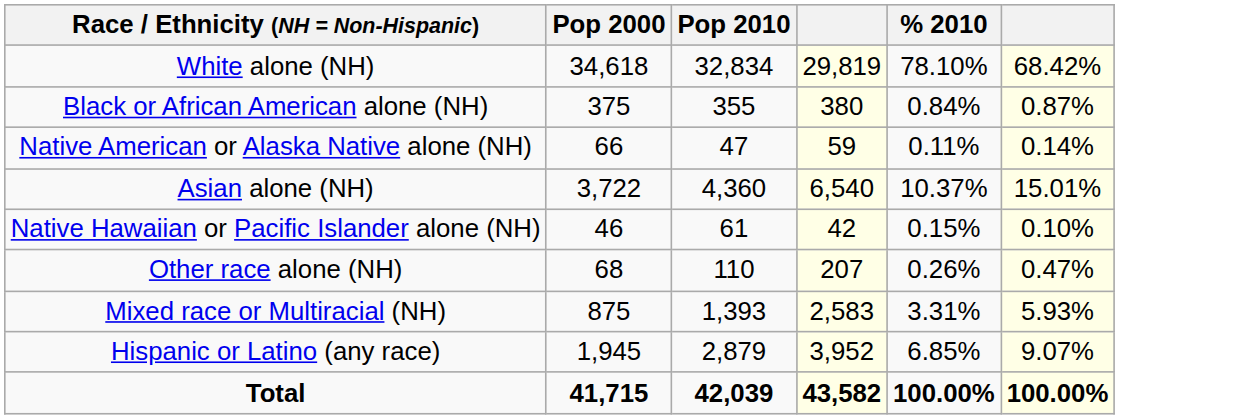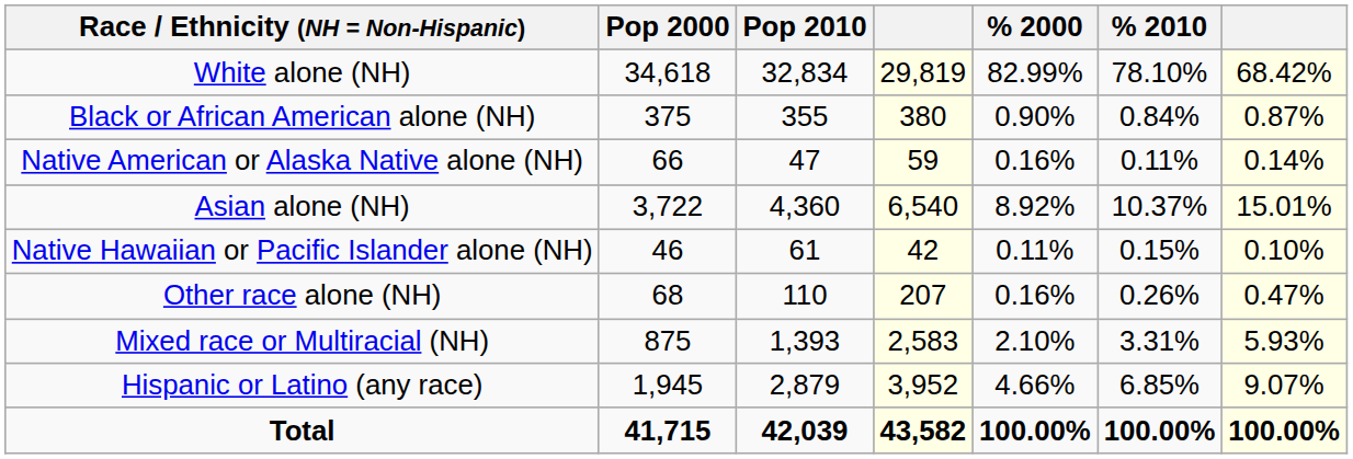 <table class="wikitable" style="text-align:center;">
 <tr>
 <th>Race / Ethnicity <small>(<em>NH = Non-Hispanic</em>)</small></th>
 <th>Pop 2000</th>
 <th>Pop 2010</th>
 <th> </th>
+<th>% 2000</th>
 <th>% 2010</th>
 <th></th>
 </tr>
 <tr>
 <td><a href='#'>White</a> alone (NH)</td>
 <td>34,618</td>
 <td>32,834</td>
 <td style='background: #ffffe6;'>29,819</td>
+<td>82.99%</td>
 <td>78.10%</td>
 <td style='background: #ffffe6;'>68.42%</td>
 </tr>
 <tr>
 <td><a href='#'>Black or African American</a> alone (NH)</td>
 <td>375</td>
 <td>355</td>
 <td style='background: #ffffe6;'>380</td>
+<td>0.90%</td>
 <td>0.84%</td>
 <td style='background: #ffffe6;'>0.87%</td>
 </tr>
 <tr>
 <td><a href='#'>Native American</a> or <a href='#'>Alaska Native</a> alone (NH)</td>
 <td>66</td>
 <td>47</td>
 <td style='background: #ffffe6;'>59</td>
+<td>0.16%</td>
 <td>0.11%</td>
 <td style='background: #ffffe6;'>0.14%</td>
 </tr>
 <tr>
 <td><a href='#'>Asian</a> alone (NH)</td>
 <td>3,722</td>
 <td>4,360</td>
 <td style='background: #ffffe6;'>6,540</td>
+<td>8.92%</td>
 <td>10.37%</td>
 <td style='background: #ffffe6;'>15.01%</td>
 </tr>
 <tr>
 <td><a href='#'>Native Hawaiian</a> or <a href='#'>Pacific Islander</a> alone (NH)</td>
 <td>46</td>
 <td>61</td>
 <td style='background: #ffffe6;'>42</td>
+<td>0.11%</td>
 <td>0.15%</td>
 <td style='background: #ffffe6;'>0.10%</td>
 </tr>
 <tr>
 <td><a href='#'>Other race</a> alone (NH)</td>
 <td>68</td>
 <td>110</td>
 <td style='background: #ffffe6;'>207</td>
+<td>0.16%</td>
 <td>0.26%</td>
 <td style='background: #ffffe6;'>0.47%</td>
 </tr>
 <tr>
 <td><a href='#'>Mixed race or Multiracial</a> (NH)</td>
 <td>875</td>
 <td>1,393</td>
 <td style='background: #ffffe6;'>2,583</td>
+<td>2.10%</td>
 <td>3.31%</td>
 <td style='background: #ffffe6;'>5.93%</td>
 </tr>
 <tr>
 <td><a href='#'>Hispanic or Latino</a> (any race)</td>
 <td>1,945</td>
 <td>2,879</td>
 <td style='background: #ffffe6;'>3,952</td>
+<td>4.66%</td>
 <td>6.85%</td>
 <td style='background: #ffffe6;'>9.07%</td>
 </tr>
 <tr>
 <td><strong>Total</strong></td>
 <td><strong>41,715</strong></td>
 <td><strong>42,039</strong></td>
 <td style='background: #ffffe6;'><strong>43,582</strong></td>
 <td><strong>100.00%</strong></td>
+<td><strong>100.00%</strong></td>
 <td style='background: #ffffe6;'><strong>100.00%</strong></td>
 </tr>
 </table>
